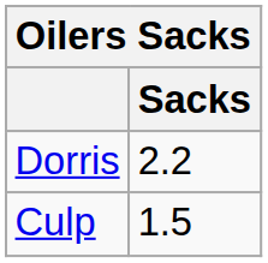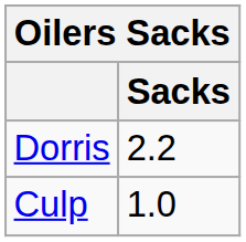 <table class="wikitable">
 <tr>
 <th colspan="2">Oilers Sacks</th>
 </tr>
 <tr>
 <th></th>
 <th>Sacks</th>
 </tr>
 <tr>
 <td><a href='#'>Dorris</a></td>
 <td>2.2</td>
 </tr>
 <tr>
 <td><a href='#'>Culp</a></td>
-<td>1.5</td>
+<td>1.0</td>
 </tr>
 </table>
